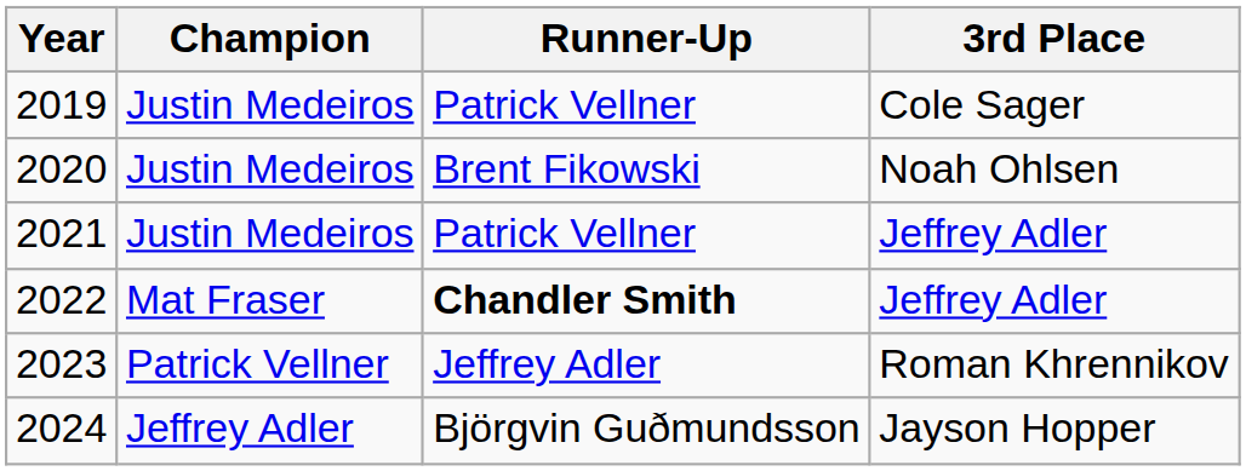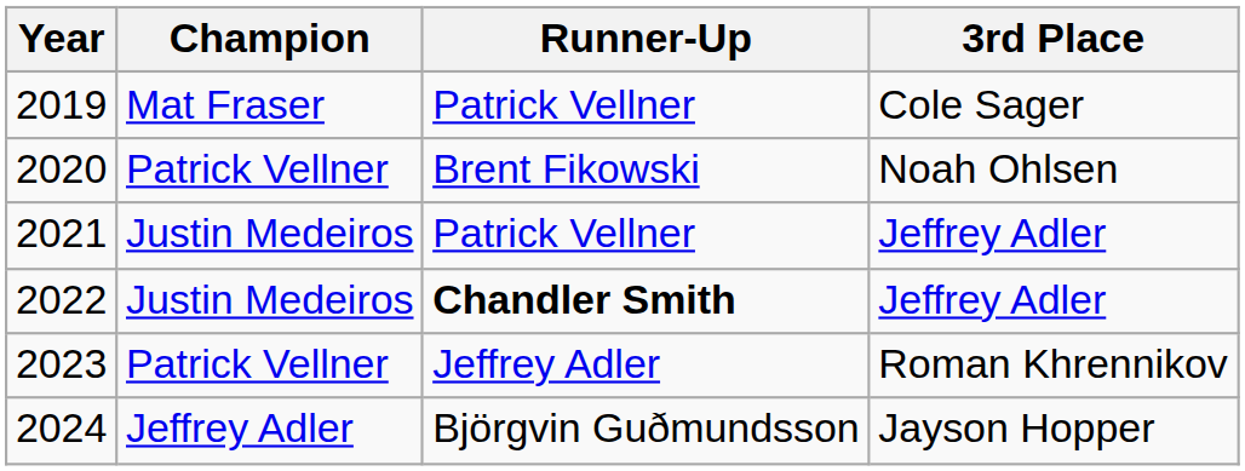 <table class="wikitable" style="display: inline-table;">
 <tr>
 <th>Year</th>
 <th>Champion</th>
 <th>Runner-Up</th>
 <th>3rd Place</th>
 </tr>
 <tr>
 <td>2019</td>
-<td> <a href='#'>Justin Medeiros</a></td>
+<td> <a href='#'>Mat Fraser</a></td>
 <td> <a href='#'>Patrick Vellner</a></td>
 <td> Cole Sager</td>
 </tr>
 <tr>
 <td>2020</td>
-<td> <a href='#'>Justin Medeiros</a></td>
+<td> <a href='#'>Patrick Vellner</a></td>
 <td> <a href='#'>Brent Fikowski</a></td>
 <td> Noah Ohlsen</td>
 </tr>
 <tr>
 <td>2021</td>
 <td> <a href='#'>Justin Medeiros</a></td>
 <td> <a href='#'>Patrick Vellner</a></td>
 <td> <a href='#'>Jeffrey Adler</a></td>
 </tr>
 <tr>
 <td>2022</td>
-<td> <a href='#'>Mat Fraser</a></td>
+<td> <a href='#'>Justin Medeiros</a></td>
 <td><strong> Chandler Smith</strong></td>
 <td> <a href='#'>Jeffrey Adler</a></td>
 </tr>
 <tr>
 <td>2023</td>
 <td> <a href='#'>Patrick Vellner</a></td>
 <td> <a href='#'>Jeffrey Adler</a></td>
 <td> Roman Khrennikov</td>
 </tr>
 <tr>
 <td>2024</td>
 <td> <a href='#'>Jeffrey Adler</a></td>
 <td> Björgvin Guðmundsson</td>
 <td> Jayson Hopper</td>
 </tr>
 </table>
